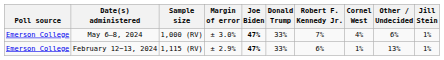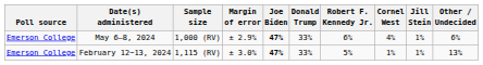 <table class="wikitable sortable mw-datatable" style="font-size:90%;text-align:center;line-height:17px">
 <tr valign=bottom>
 <th>Poll source</th>
 <th>Date(s)<br>administered</th>
 <th>Sample<br>size</th>
 <th>Margin<br>of error</th>
 <th class="unsortable">Joe<br>Biden<br></th>
 <th class="unsortable">Donald<br>Trump<br></th>
 <th class="unsortable">Robert F.<br>Kennedy Jr.<br></th>
 <th class="unsortable">Cornel<br>West<br></th>
+<th class="unsortable">Jill<br>Stein<br></th>
 <th class="unsortable">Other /<br>Undecided</th>
-<th class="unsortable">Jill<br>Stein<br></th>
 </tr>
 <tr>
 <td style="text-align:left;"><a href='#'>Emerson College</a></td>
 <td data-sort-value=2024-05-09>May 6–8, 2024</td>
 <td>1,000 (RV)</td>
-<td>± 3.0%</td>
+<td>± 2.9%</td>
 <td style="color:black;background-color:"><strong>47%</strong></td>
 <td>33%</td>
-<td>7%</td>
+<td>6%</td>
 <td>4%</td>
+<td>1%</td>
 <td>6%</td>
-<td>1%</td>
 </tr>
 <tr>
 <td style="text-align:left;"><a href='#'>Emerson College</a></td>
 <td data-sort-value=2024-02-13>February 12−13, 2024</td>
 <td>1,115 (RV)</td>
-<td>± 2.9%</td>
+<td>± 3.0%</td>
 <td style="color:black;background-color:"><strong>47%</strong></td>
 <td>33%</td>
-<td>6%</td>
+<td>5%</td>
+<td>1%</td>
 <td>1%</td>
 <td>13%</td>
-<td>1%</td>
 </tr>
 </table>
